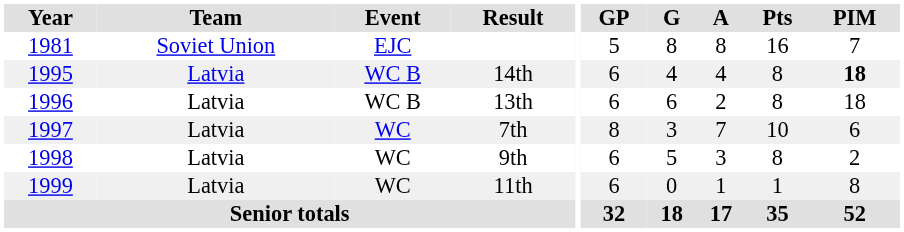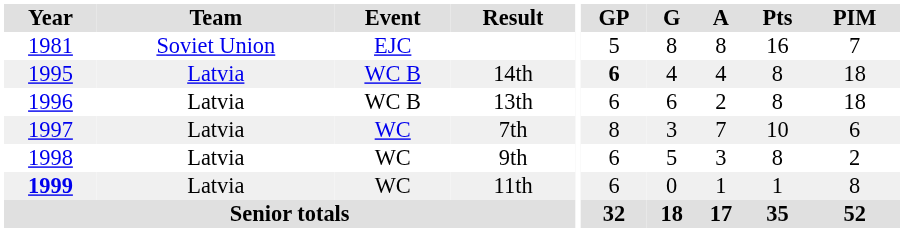 <table border="0" cellpadding="1" cellspacing="0" ID="Table3" style="text-align:center; width:40em">
 <tr ALIGN="center" bgcolor="#e0e0e0">
 <th>Year</th>
 <th>Team</th>
 <th>Event</th>
 <th>Result</th>
 <th rowspan="99" bgcolor="#ffffff"></th>
 <th>GP</th>
 <th>G</th>
 <th>A</th>
 <th>Pts</th>
 <th>PIM</th>
 </tr>
 <tr>
 <td><a href='#'>1981</a></td>
 <td><a href='#'>Soviet Union</a></td>
 <td><a href='#'>EJC</a></td>
 <td></td>
 <td>5</td>
 <td>8</td>
 <td>8</td>
 <td>16</td>
 <td>7</td>
 </tr>
 <tr bgcolor="#f0f0f0">
 <td><a href='#'>1995</a></td>
 <td><a href='#'>Latvia</a></td>
 <td><a href='#'>WC B</a></td>
 <td>14th</td>
-<td>6</td>
+<td><strong>6</strong></td>
 <td>4</td>
 <td>4</td>
 <td>8</td>
-<td><strong>18</strong></td>
+<td>18</td>
 </tr>
 <tr>
 <td><a href='#'>1996</a></td>
 <td>Latvia</td>
 <td>WC B</td>
 <td>13th</td>
 <td>6</td>
 <td>6</td>
 <td>2</td>
 <td>8</td>
 <td>18</td>
 </tr>
 <tr bgcolor="#f0f0f0">
 <td><a href='#'>1997</a></td>
 <td>Latvia</td>
 <td><a href='#'>WC</a></td>
 <td>7th</td>
 <td>8</td>
 <td>3</td>
 <td>7</td>
 <td>10</td>
 <td>6</td>
 </tr>
 <tr>
 <td><a href='#'>1998</a></td>
 <td>Latvia</td>
 <td>WC</td>
 <td>9th</td>
 <td>6</td>
 <td>5</td>
 <td>3</td>
 <td>8</td>
 <td>2</td>
 </tr>
 <tr bgcolor="#f0f0f0">
-<td><a href='#'>1999</a></td>
+<td><strong><a href='#'>1999</a></strong></td>
 <td>Latvia</td>
 <td>WC</td>
 <td>11th</td>
 <td>6</td>
 <td>0</td>
 <td>1</td>
 <td>1</td>
 <td>8</td>
 </tr>
 <tr bgcolor="#e0e0e0">
 <th colspan="4">Senior totals</th>
 <th>32</th>
 <th>18</th>
 <th>17</th>
 <th>35</th>
 <th>52</th>
 </tr>
 </table>
